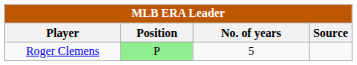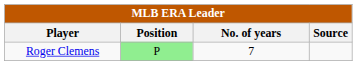 <table class="wikitable" style="text-align:center">
 <tr>
 <td colspan="5" style= "background: #BF5700; color:white"><strong>MLB ERA Leader</strong></td>
 </tr>
 <tr>
 <th style="width:150px; ">Player</th>
 <th style="width:90px; ">Position</th>
 <th style="width:150px; ">No. of years</th>
 <th style="width:50px; ">Source</th>
 </tr>
 <tr>
 <td><a href='#'>Roger Clemens</a></td>
 <td style="background: lightgreen;">P</td>
-<td>5</td>
+<td>7</td>
 <td></td>
 </tr>
 </table>
